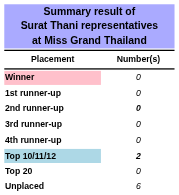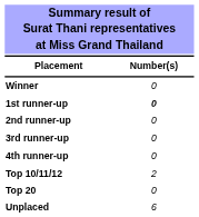 <table style="width: 270px; font-size:85%; line-height:1.5em;">
 <tr>
 <th colspan="2" align="center" style="background:#AAF;"><big>Summary result of<br>Surat Thani representatives<br>at Miss Grand Thailand</big></th>
 </tr>
 <tr>
 <td colspan="2" style="background:black"></td>
 </tr>
 <tr>
 <th scope="col">Placement</th>
 <th scope="col">Number(s)</th>
 </tr>
 <tr>
 <td colspan="2" style="background:black"></td>
 </tr>
 <tr>
-<td align="left" style="background: pink;"><strong>Winner</strong></td>
+<td align="left"><strong>Winner</strong></td>
 <td align="center"><em>0</em></td>
 </tr>
 <tr>
 <td align="left"><strong>1st runner-up</strong></td>
-<td align="center"><em>0</em></td>
+<td align="center"><strong><em>0</em></strong></td>
 </tr>
 <tr>
 <td align="left"><strong>2nd runner-up</strong></td>
-<td align="center"><strong><em>0</em></strong></td>
+<td align="center"><em>0</em></td>
 </tr>
 <tr>
 <td align="left"><strong>3rd runner-up</strong></td>
 <td align="center"><em>0</em></td>
 </tr>
 <tr>
 <td align="left"><strong>4th runner-up</strong></td>
 <td align="center"><em>0</em></td>
 </tr>
 <tr>
-<td align="left" style="background: lightblue;"><strong>Top 10/11/12</strong></td>
-<td align="center"><strong><em>2</em></strong></td>
+<td align="left"><strong>Top 10/11/12</strong></td>
+<td align="center"><em>2</em></td>
 </tr>
 <tr>
 <td align="left"><strong>Top 20</strong></td>
 <td align="center"><em>0</em></td>
 </tr>
 <tr>
 <td align="left"><strong>Unplaced</strong></td>
 <td align="center"><em>6</em></td>
 </tr>
 </table>
